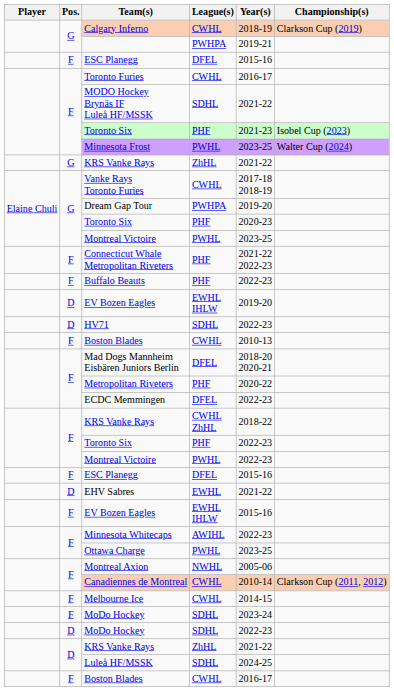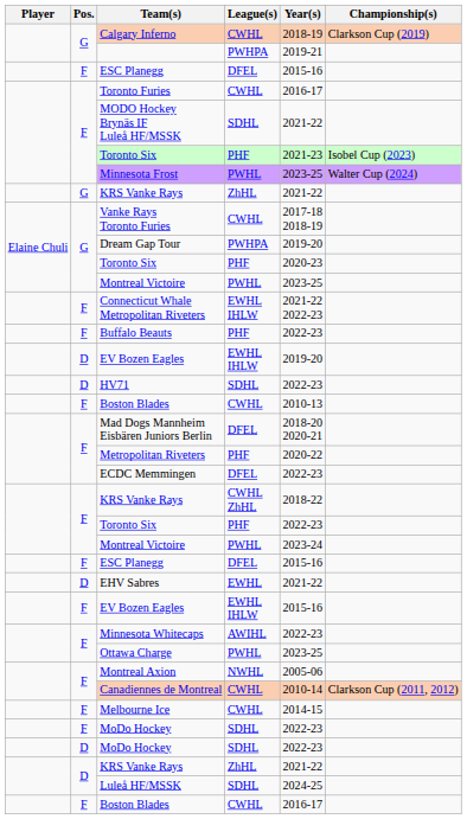 <table class="wikitable sortable">
 <tr>
 <th>Player</th>
 <th>Pos.</th>
 <th>Team(s)</th>
 <th>League(s)</th>
 <th>Year(s)</th>
 <th>Championship(s)</th>
 </tr>
 <tr bgcolor="">
 <td rowspan="2"></td>
 <td rowspan="2" align="center"><a href='#'>G</a></td>
 <td bgcolor="FBCEB1"><a href='#'>Calgary Inferno</a></td>
 <td bgcolor="FBCEB1"><a href='#'>CWHL</a></td>
 <td bgcolor="FBCEB1">2018-19</td>
 <td bgcolor="FBCEB1">Clarkson Cup (<a href='#'>2019</a>)</td>
 </tr>
 <tr>
 <td></td>
 <td><a href='#'>PWHPA</a></td>
 <td>2019-21</td>
 <td></td>
 </tr>
 <tr bgcolor="">
 <td></td>
 <td align="center"><a href='#'>F</a></td>
 <td><a href='#'>ESC Planegg</a></td>
 <td><a href='#'>DFEL</a></td>
 <td>2015-16</td>
 <td></td>
 </tr>
 <tr bgcolor="">
 <td rowspan="4"></td>
 <td rowspan="4" align="center"><a href='#'>F</a></td>
 <td><a href='#'>Toronto Furies</a></td>
 <td><a href='#'>CWHL</a></td>
 <td>2016-17</td>
 <td></td>
 </tr>
 <tr>
 <td><a href='#'>MODO Hockey</a><br><a href='#'>Brynäs IF</a><br><a href='#'>Luleå HF/MSSK</a></td>
 <td><a href='#'>SDHL</a></td>
 <td>2021-22</td>
 <td></td>
 </tr>
 <tr bgcolor="#CCFFCC">
 <td><a href='#'>Toronto Six</a></td>
 <td><a href='#'>PHF</a></td>
 <td>2021-23</td>
 <td>Isobel Cup (<a href='#'>2023</a>)</td>
 </tr>
 <tr bgcolor="#CF9FFF">
 <td><a href='#'>Minnesota Frost</a></td>
 <td><a href='#'>PWHL</a></td>
 <td>2023-25</td>
 <td>Walter Cup (<a href='#'>2024</a>)</td>
 </tr>
 <tr bgcolor="">
 <td></td>
 <td align="center"><a href='#'>G</a></td>
 <td><a href='#'>KRS Vanke Rays</a></td>
 <td><a href='#'>ZhHL</a></td>
 <td>2021-22</td>
 <td></td>
 </tr>
 <tr bgcolor="">
 <td rowspan="4"><a href='#'>Elaine Chuli</a></td>
 <td rowspan="4" align="center"><a href='#'>G</a></td>
 <td><a href='#'>Vanke Rays</a><br><a href='#'>Toronto Furies</a></td>
 <td><a href='#'>CWHL</a></td>
 <td>2017-18<br>2018-19</td>
 <td></td>
 </tr>
 <tr>
 <td>Dream Gap Tour</td>
 <td><a href='#'>PWHPA</a></td>
 <td>2019-20</td>
 <td></td>
 </tr>
 <tr>
 <td><a href='#'>Toronto Six</a></td>
 <td><a href='#'>PHF</a></td>
 <td>2020-23</td>
 <td></td>
 </tr>
 <tr>
 <td><a href='#'>Montreal Victoire</a></td>
 <td><a href='#'>PWHL</a></td>
 <td>2023-25</td>
 <td></td>
 </tr>
 <tr>
 <td></td>
 <td align=center><a href='#'>F</a></td>
 <td><a href='#'>Connecticut Whale</a><br> <a href='#'>Metropolitan Riveters</a></td>
-<td><a href='#'>PHF</a></td>
+<td><a href='#'>EWHL</a><br><a href='#'>IHLW</a></td>
 <td>2021-22<br>2022-23</td>
 <td></td>
 </tr>
 <tr bgcolor="">
 <td></td>
 <td align="center"><a href='#'>F</a></td>
 <td><a href='#'>Buffalo Beauts</a></td>
 <td><a href='#'>PHF</a></td>
 <td>2022-23</td>
 <td></td>
 </tr>
 <tr bgcolor="">
 <td></td>
 <td align="center"><a href='#'>D</a></td>
 <td><a href='#'>EV Bozen Eagles</a></td>
 <td><a href='#'>EWHL</a><br><a href='#'>IHLW</a></td>
 <td>2019-20</td>
 <td></td>
 </tr>
 <tr>
 <td></td>
 <td align="center"><a href='#'>D</a></td>
 <td><a href='#'>HV71</a></td>
 <td><a href='#'>SDHL</a></td>
 <td>2022-23</td>
 <td></td>
 </tr>
 <tr bgcolor="">
 <td></td>
 <td align="center"><a href='#'>F</a></td>
 <td><a href='#'>Boston Blades</a></td>
 <td><a href='#'>CWHL</a></td>
 <td>2010-13</td>
 <td></td>
 </tr>
 <tr bgcolor="">
 <td rowspan="3"></td>
 <td rowspan="3" align="center"><a href='#'>F</a></td>
 <td>Mad Dogs Mannheim<br>Eisbären Juniors Berlin</td>
 <td><a href='#'>DFEL</a></td>
 <td>2018-20<br>2020-21</td>
 <td></td>
 </tr>
 <tr>
 <td><a href='#'>Metropolitan Riveters</a></td>
 <td><a href='#'>PHF</a></td>
 <td>2020-22</td>
 <td></td>
 </tr>
 <tr>
 <td>ECDC Memmingen</td>
 <td><a href='#'>DFEL</a></td>
 <td>2022-23</td>
 <td></td>
 </tr>
 <tr bgcolor="">
 <td rowspan="3"></td>
 <td rowspan="3" align="center"><a href='#'>F</a></td>
 <td><a href='#'>KRS Vanke Rays</a></td>
 <td><a href='#'>CWHL</a><br><a href='#'>ZhHL</a></td>
 <td>2018-22</td>
 <td></td>
 </tr>
 <tr>
 <td><a href='#'>Toronto Six</a></td>
 <td><a href='#'>PHF</a></td>
 <td>2022-23</td>
 <td></td>
 </tr>
 <tr>
 <td><a href='#'>Montreal Victoire</a></td>
 <td><a href='#'>PWHL</a></td>
-<td>2022-23</td>
+<td>2023-24</td>
 <td></td>
 </tr>
 <tr bgcolor="">
 <td></td>
 <td align="center"><a href='#'>F</a></td>
 <td><a href='#'>ESC Planegg</a></td>
 <td><a href='#'>DFEL</a></td>
 <td>2015-16</td>
 <td></td>
 </tr>
 <tr bgcolor="">
 <td></td>
 <td align="center"><a href='#'>D</a></td>
 <td>EHV Sabres</td>
 <td><a href='#'>EWHL</a></td>
 <td>2021-22</td>
 <td></td>
 </tr>
 <tr bgcolor="">
 <td></td>
 <td align="center"><a href='#'>F</a></td>
 <td><a href='#'>EV Bozen Eagles</a></td>
 <td><a href='#'>EWHL</a><br><a href='#'>IHLW</a></td>
 <td>2015-16</td>
 <td></td>
 </tr>
 <tr>
 <td rowspan="2"></td>
 <td rowspan="2" align="center"><a href='#'>F</a></td>
 <td><a href='#'>Minnesota Whitecaps</a></td>
 <td><a href='#'>AWIHL</a></td>
 <td>2022-23</td>
 <td></td>
 </tr>
 <tr>
 <td><a href='#'>Ottawa Charge</a></td>
 <td><a href='#'>PWHL</a></td>
 <td>2023-25</td>
 <td></td>
 </tr>
 <tr>
 <td rowspan="2"></td>
 <td rowspan="2" align=center><a href='#'>F</a></td>
 <td><a href='#'>Montreal Axion</a></td>
 <td><a href='#'>NWHL</a></td>
 <td>2005-06</td>
 <td></td>
 </tr>
 <tr bgcolor="FBCEB1">
 <td><a href='#'>Canadiennes de Montreal</a></td>
 <td><a href='#'>CWHL</a></td>
 <td>2010-14</td>
 <td>Clarkson Cup (<a href='#'>2011</a>, <a href='#'>2012</a>)</td>
 </tr>
 <tr bgcolor="">
 <td></td>
 <td align="center"><a href='#'>F</a></td>
 <td><a href='#'>Melbourne Ice</a></td>
 <td><a href='#'>CWHL</a></td>
 <td>2014-15</td>
 <td></td>
 </tr>
 <tr bgcolor="">
 <td></td>
 <td align="center"><a href='#'>F</a></td>
 <td><a href='#'>MoDo Hockey</a></td>
 <td><a href='#'>SDHL</a></td>
-<td>2023-24</td>
+<td>2022-23</td>
 <td></td>
 </tr>
 <tr bgcolor="">
 <td></td>
 <td align="center"><a href='#'>D</a></td>
 <td><a href='#'>MoDo Hockey</a></td>
 <td><a href='#'>SDHL</a></td>
 <td>2022-23</td>
 <td></td>
 </tr>
 <tr bgcolor="">
 <td rowspan="2"></td>
 <td rowspan="2" align="center"><a href='#'>D</a></td>
 <td><a href='#'>KRS Vanke Rays</a></td>
 <td><a href='#'>ZhHL</a></td>
 <td>2021-22</td>
 <td></td>
 </tr>
 <tr>
 <td><a href='#'>Luleå HF/MSSK</a></td>
 <td><a href='#'>SDHL</a></td>
 <td>2024-25</td>
 <td></td>
 </tr>
 <tr bgcolor="">
 <td></td>
 <td align="center"><a href='#'>F</a></td>
 <td><a href='#'>Boston Blades</a></td>
 <td><a href='#'>CWHL</a></td>
 <td>2016-17</td>
 <td></td>
 </tr>
 </table>
